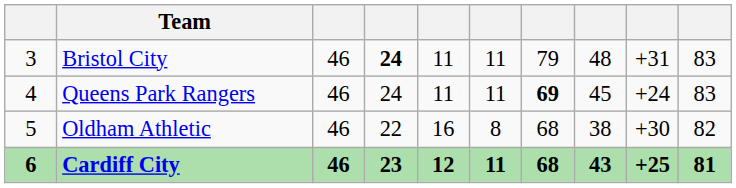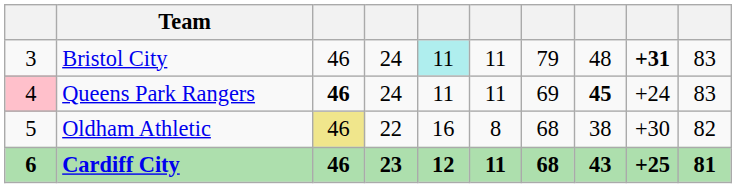 <table class="wikitable" style="text-align:center">
 <tr>
 <th width="30"></th>
 <th width="175">Team</th>
 <th width="30"></th>
 <th width="30"></th>
 <th width="30"></th>
 <th width="30"></th>
 <th width="30"></th>
 <th width="30"></th>
 <th width="30"></th>
 <th width="30"></th>
 </tr>
 <tr>
 <td>3</td>
 <td align=left><a href='#'>Bristol City</a></td>
 <td>46</td>
-<td><strong>24</strong></td>
-<td>11</td>
+<td>24</td>
+<td style="background: paleturquoise;">11</td>
 <td>11</td>
 <td>79</td>
 <td>48</td>
-<td>+31</td>
+<td><strong>+31</strong></td>
 <td>83</td>
 </tr>
 <tr>
-<td>4</td>
+<td style="background: pink;">4</td>
 <td align=left><a href='#'>Queens Park Rangers</a></td>
-<td>46</td>
+<td><strong>46</strong></td>
 <td>24</td>
 <td>11</td>
 <td>11</td>
-<td><strong>69</strong></td>
-<td>45</td>
+<td>69</td>
+<td><strong>45</strong></td>
 <td>+24</td>
 <td>83</td>
 </tr>
 <tr>
 <td>5</td>
 <td align=left><a href='#'>Oldham Athletic</a></td>
-<td>46</td>
+<td style="background: khaki;">46</td>
 <td>22</td>
 <td>16</td>
 <td>8</td>
 <td>68</td>
 <td>38</td>
 <td>+30</td>
 <td>82</td>
 </tr>
 <tr bgcolor=#ADDFAD>
 <td><strong>6</strong></td>
 <td align=left><strong><a href='#'>Cardiff City</a></strong></td>
 <td><strong>46</strong></td>
 <td><strong>23</strong></td>
 <td><strong>12</strong></td>
 <td><strong>11</strong></td>
 <td><strong>68</strong></td>
 <td><strong>43</strong></td>
 <td><strong>+25</strong></td>
 <td><strong>81</strong></td>
 </tr>
 </table>
